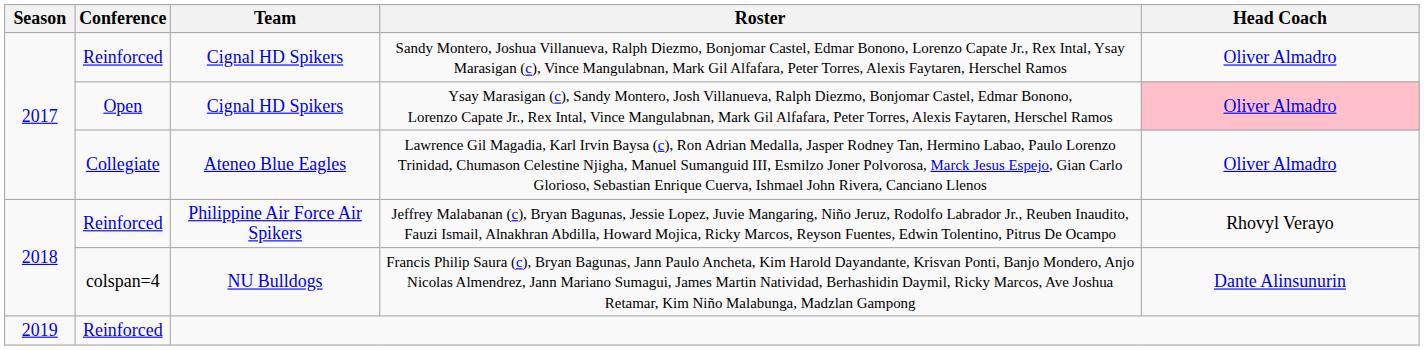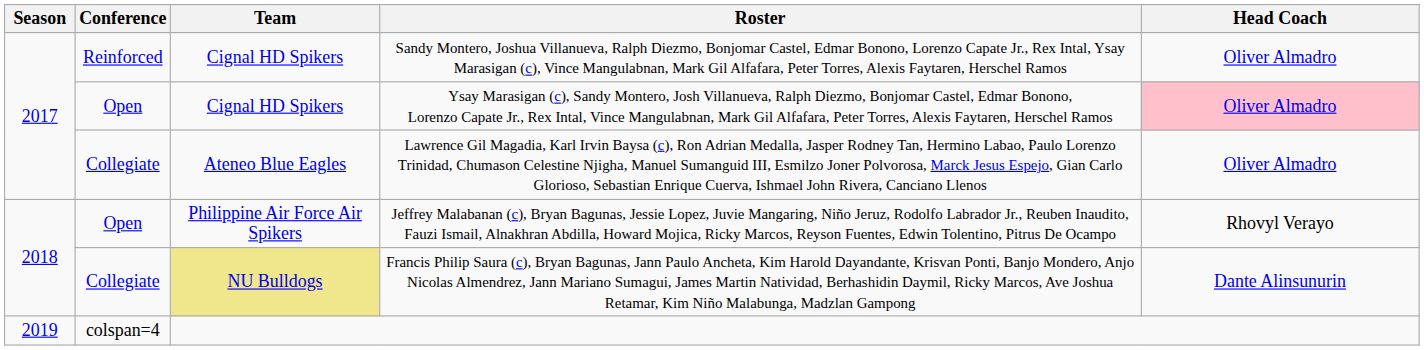 <table class="wikitable" width=100%>
 <tr>
 <th width=5%>Season</th>
 <th ! width=5%>Conference</th>
 <th ! width=15%>Team</th>
 <th ! width=55%>Roster</th>
 <th ! width=20%>Head Coach</th>
 </tr>
 <tr style="text-align:center">
 <td rowspan="3"><a href='#'>2017</a></td>
 <td><a href='#'>Reinforced</a></td>
 <td><a href='#'>Cignal HD Spikers</a></td>
 <td><small> Sandy Montero, Joshua Villanueva, Ralph Diezmo, Bonjomar Castel, Edmar Bonono, Lorenzo Capate Jr., Rex Intal, Ysay Marasigan (<a href='#'>c</a>), Vince Mangulabnan, Mark Gil Alfafara, Peter Torres, Alexis Faytaren, Herschel Ramos </small></td>
 <td> <a href='#'>Oliver Almadro</a></td>
 </tr>
 <tr style="text-align:center">
 <td><a href='#'>Open</a></td>
 <td><a href='#'>Cignal HD Spikers</a></td>
 <td><small> Ysay Marasigan (<a href='#'>c</a>), Sandy Montero, Josh Villanueva, Ralph Diezmo, Bonjomar Castel, Edmar Bonono,<br>Lorenzo Capate Jr., Rex Intal, Vince Mangulabnan, Mark Gil Alfafara, Peter Torres, Alexis Faytaren, Herschel Ramos </small></td>
 <td style="background: pink;"> <a href='#'>Oliver Almadro</a></td>
 </tr>
 <tr style="text-align:center">
 <td><a href='#'>Collegiate</a></td>
 <td><a href='#'>Ateneo Blue Eagles</a></td>
 <td><small> Lawrence Gil Magadia, Karl Irvin Baysa (<a href='#'>c</a>), Ron Adrian Medalla, Jasper Rodney Tan, Hermino Labao, Paulo Lorenzo Trinidad, Chumason Celestine Njigha, Manuel Sumanguid III, Esmilzo Joner Polvorosa, <a href='#'>Marck Jesus Espejo</a>, Gian Carlo Glorioso, Sebastian Enrique Cuerva, Ishmael John Rivera, Canciano Llenos </small></td>
 <td> <a href='#'>Oliver Almadro</a></td>
 </tr>
 <tr style="text-align:center">
 <td rowspan="2"><a href='#'>2018</a></td>
-<td><a href='#'>Reinforced</a></td>
+<td><a href='#'>Open</a></td>
 <td><a href='#'>Philippine Air Force Air Spikers</a></td>
 <td><small> Jeffrey Malabanan (<a href='#'>c</a>), Bryan Bagunas, Jessie Lopez, Juvie Mangaring, Niño Jeruz, Rodolfo Labrador Jr., Reuben Inaudito, Fauzi Ismail, Alnakhran Abdilla, Howard Mojica, Ricky Marcos, Reyson Fuentes, Edwin Tolentino, Pitrus De Ocampo</small></td>
 <td> Rhovyl Verayo</td>
 </tr>
 <tr style="text-align:center">
-<td>colspan=4</td>
-<td><a href='#'>NU Bulldogs</a></td>
+<td><a href='#'>Collegiate</a></td>
+<td style="background: khaki;"><a href='#'>NU Bulldogs</a></td>
 <td><small> Francis Philip Saura (<a href='#'>c</a>), Bryan Bagunas, Jann Paulo Ancheta, Kim Harold Dayandante, Krisvan Ponti, Banjo Mondero, Anjo Nicolas Almendrez, Jann Mariano Sumagui, James Martin Natividad, Berhashidin Daymil, Ricky Marcos, Ave Joshua Retamar, Kim Niño Malabunga, Madzlan Gampong </small></td>
 <td> <a href='#'>Dante Alinsunurin</a></td>
 </tr>
 <tr style="text-align:center">
 <td><a href='#'>2019</a></td>
-<td><a href='#'>Reinforced</a></td>
+<td>colspan=4</td>
 </tr>
 </table>
